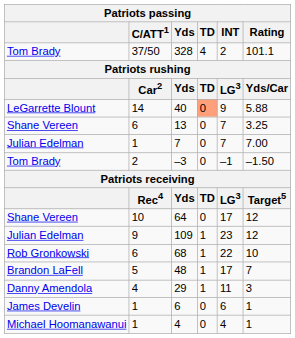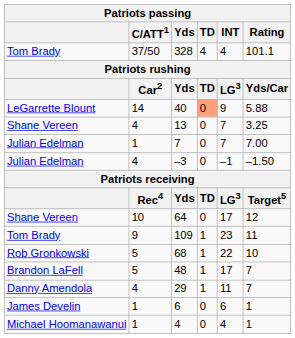 <table class="wikitable">
 <tr>
 <th colspan="6">Patriots passing</th>
 </tr>
 <tr>
 <th></th>
 <th>C/ATT<sup>1</sup></th>
 <th>Yds</th>
 <th>TD</th>
 <th>INT</th>
 <th>Rating</th>
 </tr>
 <tr>
 <td><a href='#'>Tom Brady</a></td>
 <td>37/50</td>
 <td>328</td>
 <td>4</td>
-<td>2</td>
+<td>4</td>
 <td>101.1</td>
 </tr>
 <tr>
 <th colspan="6">Patriots rushing</th>
 </tr>
 <tr>
 <th></th>
 <th>Car<sup>2</sup></th>
 <th>Yds</th>
 <th>TD</th>
 <th>LG<sup>3</sup></th>
 <th>Yds/Car</th>
 </tr>
 <tr>
 <td><a href='#'>LeGarrette Blount</a></td>
 <td>14</td>
 <td>40</td>
 <td style="background: lightsalmon;">0</td>
 <td>9</td>
 <td>5.88</td>
 </tr>
 <tr>
 <td><a href='#'>Shane Vereen</a></td>
-<td>6</td>
+<td>4</td>
 <td>13</td>
 <td>0</td>
 <td>7</td>
 <td>3.25</td>
 </tr>
 <tr>
 <td><a href='#'>Julian Edelman</a></td>
 <td>1</td>
 <td>7</td>
 <td>0</td>
 <td>7</td>
 <td>7.00</td>
 </tr>
 <tr>
-<td><a href='#'>Tom Brady</a></td>
-<td>2</td>
+<td><a href='#'>Julian Edelman</a></td>
+<td>4</td>
 <td>–3</td>
 <td>0</td>
 <td>–1</td>
 <td>–1.50</td>
 </tr>
 <tr>
 <th colspan="6">Patriots receiving</th>
 </tr>
 <tr>
 <th></th>
 <th>Rec<sup>4</sup></th>
 <th>Yds</th>
 <th>TD</th>
 <th>LG<sup>3</sup></th>
 <th>Target<sup>5</sup></th>
 </tr>
 <tr>
 <td><a href='#'>Shane Vereen</a></td>
 <td>10</td>
 <td>64</td>
 <td>0</td>
 <td>17</td>
 <td>12</td>
 </tr>
 <tr>
-<td><a href='#'>Julian Edelman</a></td>
+<td><a href='#'>Tom Brady</a></td>
 <td>9</td>
 <td>109</td>
 <td>1</td>
 <td>23</td>
-<td>12</td>
+<td>11</td>
 </tr>
 <tr>
 <td><a href='#'>Rob Gronkowski</a></td>
-<td>6</td>
+<td>5</td>
 <td>68</td>
 <td>1</td>
 <td>22</td>
 <td>10</td>
 </tr>
 <tr>
 <td><a href='#'>Brandon LaFell</a></td>
 <td>5</td>
 <td>48</td>
 <td>1</td>
 <td>17</td>
 <td>7</td>
 </tr>
 <tr>
 <td><a href='#'>Danny Amendola</a></td>
 <td>4</td>
 <td>29</td>
 <td>1</td>
 <td>11</td>
-<td>3</td>
+<td>7</td>
 </tr>
 <tr>
 <td><a href='#'>James Develin</a></td>
 <td>1</td>
 <td>6</td>
 <td>0</td>
 <td>6</td>
 <td>1</td>
 </tr>
 <tr>
 <td><a href='#'>Michael Hoomanawanui</a></td>
 <td>1</td>
 <td>4</td>
 <td>0</td>
 <td>4</td>
 <td>1</td>
 </tr>
 </table>
